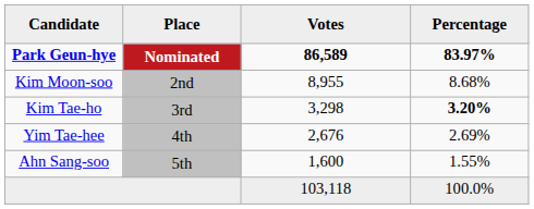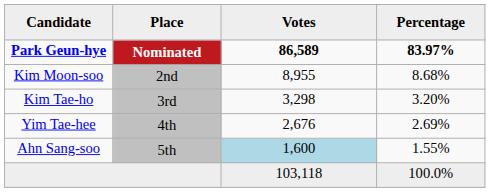 <table class="wikitable"  style="float: margin:10px">
 <tr style="background:#eee; text-align:center;">
 <td style="padding:10px; width:98px;"><strong>Candidate</strong></td>
 <td style="padding:10px; width:98px;"><strong>Place</strong></td>
 <td style="padding:10px; width:150px;"><strong>Votes</strong></td>
 <td style="padding:10px; width:98px;"><strong>Percentage</strong></td>
 </tr>
 <tr>
 <td style="width:90px; padding:2px 0 6px; text-align:center;"><strong><a href='#'>Park Geun-hye</a></strong></td>
 <td style="background:#BF1920; color:#ffffff; text-align:center"><strong>Nominated</strong></td>
 <td style="width:90px; padding:2px 0 6px; text-align:center;"><strong>86,589</strong></td>
 <td style="width:90px; padding:2px 0 6px; text-align:center;"><strong>83.97%</strong></td>
 </tr>
 <tr>
 <td style="width:90px; padding:2px 0 6px; text-align:center;"><a href='#'>Kim Moon-soo</a></td>
 <td style="background:silver;; text-align:center">2nd</td>
 <td style="width:90px; padding:2px 0 6px; text-align:center;">8,955</td>
 <td style="width:90px; padding:2px 0 6px; text-align:center;">8.68%</td>
 </tr>
 <tr>
 <td style="width:90px; padding:2px 0 6px; text-align:center;"><a href='#'>Kim Tae-ho</a></td>
 <td style="background:silver;; text-align:center">3rd</td>
 <td style="width:90px; padding:2px 0 6px; text-align:center;">3,298</td>
-<td style="width:90px; padding:2px 0 6px; text-align:center;"><strong>3.20%</strong></td>
+<td style="width:90px; padding:2px 0 6px; text-align:center;">3.20%</td>
 </tr>
 <tr>
 <td style="width:90px; padding:2px 0 6px; text-align:center;"><a href='#'>Yim Tae-hee</a></td>
 <td style="background:silver;; text-align:center">4th</td>
 <td style="width:90px; padding:2px 0 6px; text-align:center;">2,676</td>
 <td style="width:90px; padding:2px 0 6px; text-align:center;">2.69%</td>
 </tr>
 <tr>
 <td style="width:90px; padding:2px 0 6px; text-align:center;"><a href='#'>Ahn Sang-soo</a></td>
 <td style="background:silver;; text-align:center">5th</td>
-<td style="width:90px; padding:2px 0 6px; text-align:center;">1,600</td>
+<td style="background: lightblue; width:90px; padding:2px 0 6px; text-align:center;">1,600</td>
 <td style="width:90px; padding:2px 0 6px; text-align:center;">1.55%</td>
 </tr>
 <tr style="background:#eee;">
 <td colspan=2></td>
 <td style="width:90px; padding:2px 0 6px; text-align:center;">103,118</td>
 <td style="width:90px; padding:2px 0 6px; text-align:center;">100.0%</td>
 </tr>
 </table>
